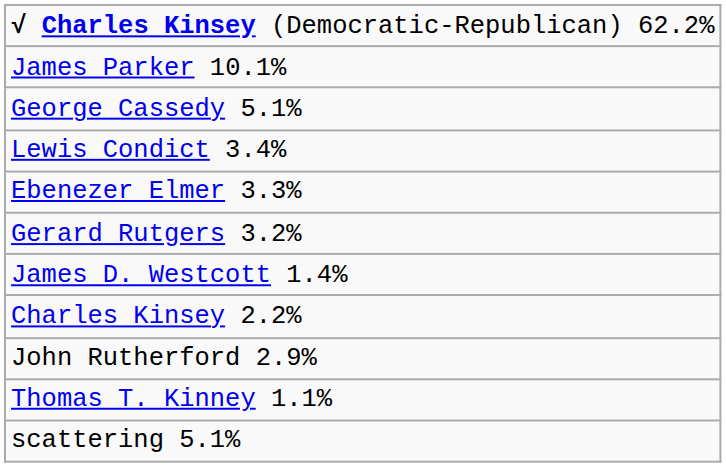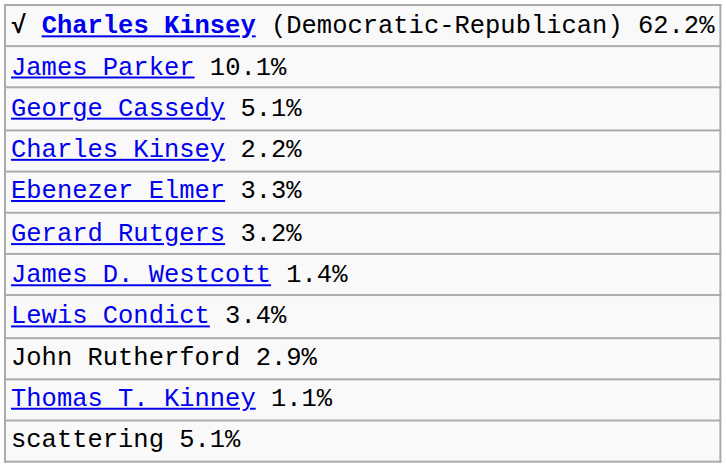 <table class=wikitable>
 <tr>
 <td><strong>√ <a href='#'>Charles Kinsey</a></strong> (Democratic-Republican) 62.2%</td>
 </tr>
 <tr>
 <td><a href='#'>James Parker</a> 10.1%</td>
 </tr>
 <tr>
 <td><a href='#'>George Cassedy</a> 5.1%</td>
 </tr>
 <tr>
-<td><a href='#'>Lewis Condict</a> 3.4%</td>
+<td><a href='#'>Charles Kinsey</a> 2.2%</td>
 </tr>
 <tr>
 <td><a href='#'>Ebenezer Elmer</a> 3.3%</td>
 </tr>
 <tr>
 <td><a href='#'>Gerard Rutgers</a> 3.2%</td>
 </tr>
 <tr>
 <td><a href='#'>James D. Westcott</a> 1.4%</td>
 </tr>
 <tr>
-<td><a href='#'>Charles Kinsey</a> 2.2%</td>
+<td><a href='#'>Lewis Condict</a> 3.4%</td>
 </tr>
 <tr>
 <td>John Rutherford 2.9%</td>
 </tr>
 <tr>
 <td><a href='#'>Thomas T. Kinney</a> 1.1%</td>
 </tr>
 <tr>
 <td>scattering 5.1%</td>
 </tr>
 </table>
